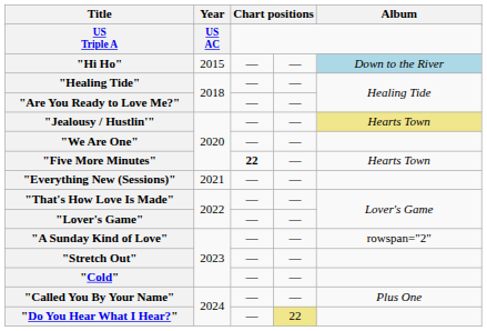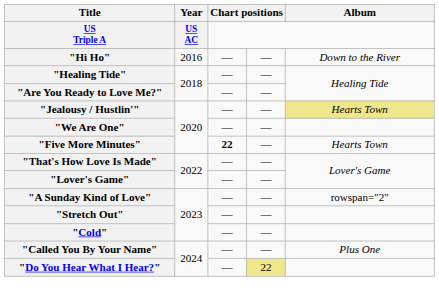 <table class="wikitable plainrowheaders" style="text-align:center;" border="1">
 <tr>
 <th scope="col" rowspan="2" style="width:15em;">Title</th>
 <th scope="col" rowspan="2">Year</th>
 <th scope="col" colspan="2">Chart positions</th>
 <th rowspan="2" style="width:13em;">Album</th>
 </tr>
 <tr>
 </tr>
 <tr>
 <th scope="col" style="width:3em;font-size:85%;"><a href='#'>US<br>Triple A</a><br></th>
 <th scope="col" style="width:3em;font-size:85%;"><a href='#'>US<br>AC</a><br></th>
 </tr>
 <tr>
 <th scope="row">"Hi Ho"</th>
-<td rowspan="1">2015</td>
+<td rowspan="1">2016</td>
 <td>—</td>
 <td>—</td>
-<td style="background: lightblue;"><em>Down to the River</em></td>
+<td><em>Down to the River</em></td>
 </tr>
 <tr>
 <th scope="row">"Healing Tide"</th>
 <td rowspan="2">2018</td>
 <td>—</td>
 <td>—</td>
 <td rowspan="2"><em>Healing Tide</em></td>
 </tr>
 <tr>
 <th scope="row">"Are You Ready to Love Me?"</th>
 <td>—</td>
 <td>—</td>
 </tr>
 <tr>
 <th scope="row">"Jealousy / Hustlin'"</th>
 <td rowspan="3">2020</td>
 <td>—</td>
 <td>—</td>
 <td style="background: khaki;"><em>Hearts Town</em></td>
 </tr>
 <tr>
 <th scope="row">"We Are One"</th>
 <td>—</td>
 <td>—</td>
 <td></td>
 </tr>
 <tr>
 <th scope="row">"Five More Minutes"</th>
 <td><strong>22</strong></td>
 <td>—</td>
 <td><em>Hearts Town</em></td>
-</tr>
-<tr>
-<th scope="row">"Everything New (Sessions)"<br> </th>
-<td>2021</td>
-<td>—</td>
-<td>—</td>
-<td></td>
 </tr>
 <tr>
 <th scope="row">"That's How Love Is Made"</th>
 <td rowspan="2">2022</td>
 <td>—</td>
 <td>—</td>
 <td rowspan="2"><em>Lover's Game</em></td>
 </tr>
 <tr>
 <th scope="row">"Lover's Game"</th>
 <td>—</td>
 <td>—</td>
 </tr>
 <tr>
 <th scope="row">"A Sunday Kind of Love"</th>
 <td rowspan="3">2023</td>
 <td>—</td>
 <td>—</td>
 <td>rowspan="2" </td>
 </tr>
 <tr>
 <th scope="row">"Stretch Out"</th>
 <td>—</td>
 <td>—</td>
 </tr>
 <tr>
 <th scope="row">"<a href='#'>Cold</a>"<br>  </th>
 <td>—</td>
 <td>—</td>
 <td></td>
 </tr>
 <tr>
 <th scope="row">"Called You By Your Name"</th>
 <td rowspan="2">2024</td>
 <td>—</td>
 <td>—</td>
 <td><em>Plus One</em></td>
 </tr>
 <tr>
 <th scope="row">"<a href='#'>Do You Hear What I Hear?</a>"<br></th>
 <td>—</td>
 <td style="background: khaki;">22</td>
 <td></td>
 </tr>
 </table>
